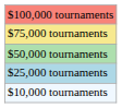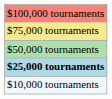 <table class="wikitable"  style="font-size:85%">
 <tr style="background:#f88379;">
 <td>$100,000 tournaments</td>
 </tr>
 <tr style="background:#f7e98e;">
 <td>$75,000 tournaments</td>
 </tr>
 <tr style="background:#addfad;">
 <td>$50,000 tournaments</td>
 </tr>
 <tr style="background:lightblue;">
-<td>$25,000 tournaments</td>
+<td><strong>$25,000 tournaments</strong></td>
 </tr>
 <tr bgcolor="#f0f8ff">
 <td>$10,000 tournaments</td>
 </tr>
 </table>
